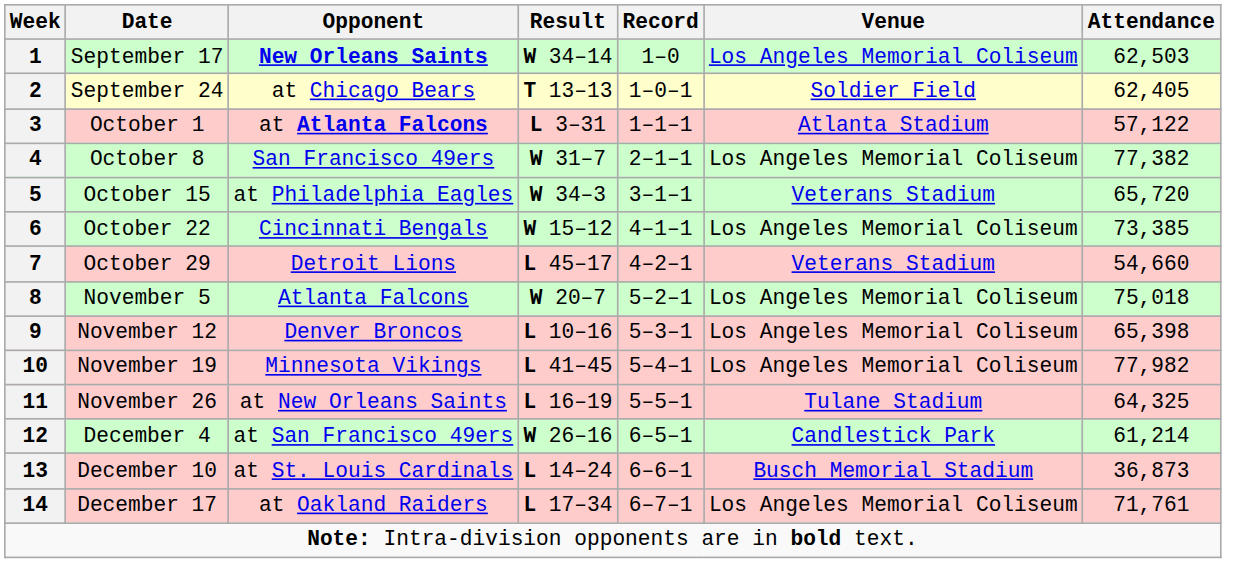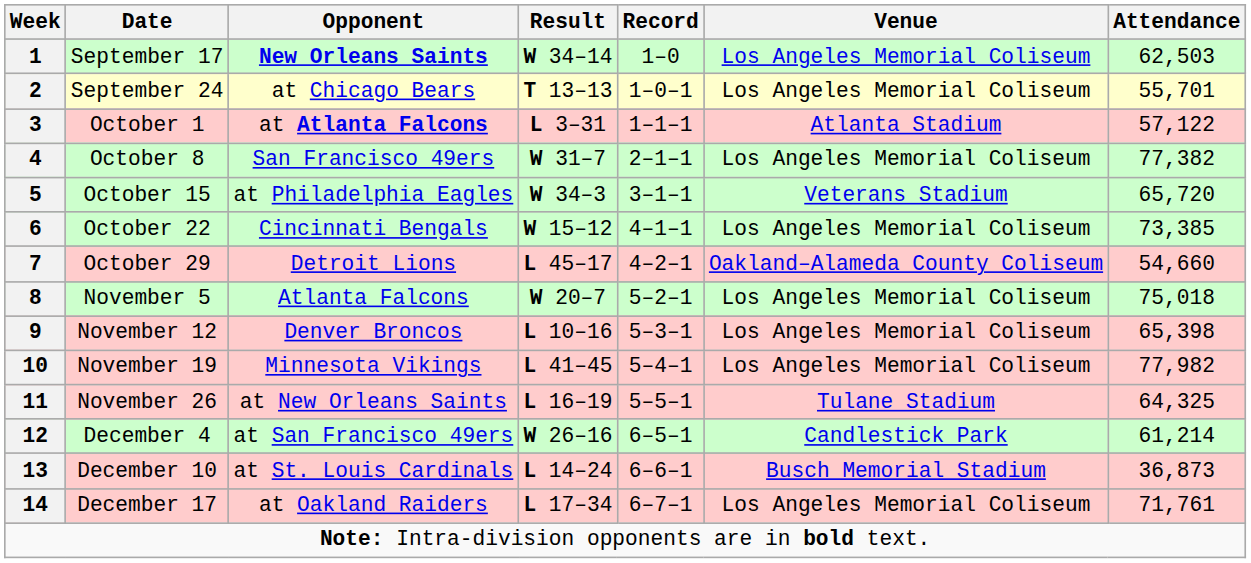 <table class="wikitable" style="text-align:center">
 <tr>
 <th>Week</th>
 <th>Date</th>
 <th>Opponent</th>
 <th>Result</th>
 <th>Record</th>
 <th>Venue</th>
 <th>Attendance</th>
 </tr>
 <tr style="background:#cfc">
 <th>1</th>
 <td>September 17</td>
 <td><strong><a href='#'>New Orleans Saints</a></strong></td>
 <td><strong>W</strong> 34–14</td>
 <td>1–0</td>
 <td><a href='#'>Los Angeles Memorial Coliseum</a></td>
 <td>62,503</td>
 </tr>
 <tr style="background:#ffc">
 <th>2</th>
 <td>September 24</td>
 <td>at <a href='#'>Chicago Bears</a></td>
 <td><strong>T</strong> 13–13</td>
 <td>1–0–1</td>
-<td><a href='#'>Soldier Field</a></td>
-<td>62,405</td>
+<td>Los Angeles Memorial Coliseum</td>
+<td>55,701</td>
 </tr>
 <tr style="background:#fcc">
 <th>3</th>
 <td>October 1</td>
 <td>at <strong><a href='#'>Atlanta Falcons</a></strong></td>
 <td><strong>L</strong> 3–31</td>
 <td>1–1–1</td>
 <td><a href='#'>Atlanta Stadium</a></td>
 <td>57,122</td>
 </tr>
 <tr style="background:#cfc">
 <th>4</th>
 <td>October 8</td>
 <td><a href='#'>San Francisco 49ers</a></td>
 <td><strong>W</strong> 31–7</td>
 <td>2–1–1</td>
 <td>Los Angeles Memorial Coliseum</td>
 <td>77,382</td>
 </tr>
 <tr style="background:#cfc">
 <th>5</th>
 <td>October 15</td>
 <td>at <a href='#'>Philadelphia Eagles</a></td>
 <td><strong>W</strong> 34–3</td>
 <td>3–1–1</td>
 <td><a href='#'>Veterans Stadium</a></td>
 <td>65,720</td>
 </tr>
 <tr style="background:#cfc">
 <th>6</th>
 <td>October 22</td>
 <td><a href='#'>Cincinnati Bengals</a></td>
 <td><strong>W</strong> 15–12</td>
 <td>4–1–1</td>
 <td>Los Angeles Memorial Coliseum</td>
 <td>73,385</td>
 </tr>
 <tr style="background:#fcc">
 <th>7</th>
 <td>October 29</td>
 <td><a href='#'>Detroit Lions</a></td>
 <td><strong>L</strong> 45–17</td>
 <td>4–2–1</td>
-<td><a href='#'>Veterans Stadium</a></td>
+<td><a href='#'>Oakland–Alameda County Coliseum</a></td>
 <td>54,660</td>
 </tr>
 <tr style="background:#cfc">
 <th>8</th>
 <td>November 5</td>
 <td><a href='#'>Atlanta Falcons</a></td>
 <td><strong>W</strong> 20–7</td>
 <td>5–2–1</td>
 <td>Los Angeles Memorial Coliseum</td>
 <td>75,018</td>
 </tr>
 <tr style="background:#fcc">
 <th>9</th>
 <td>November 12</td>
 <td><a href='#'>Denver Broncos</a></td>
 <td><strong>L</strong> 10–16</td>
 <td>5–3–1</td>
 <td>Los Angeles Memorial Coliseum</td>
 <td>65,398</td>
 </tr>
 <tr style="background:#fcc">
 <th>10</th>
 <td>November 19</td>
 <td><a href='#'>Minnesota Vikings</a></td>
 <td><strong>L</strong> 41–45</td>
 <td>5–4–1</td>
 <td>Los Angeles Memorial Coliseum</td>
 <td>77,982</td>
 </tr>
 <tr style="background:#fcc">
 <th>11</th>
 <td>November 26</td>
 <td>at <a href='#'>New Orleans Saints</a></td>
 <td><strong>L</strong> 16–19</td>
 <td>5–5–1</td>
 <td><a href='#'>Tulane Stadium</a></td>
 <td>64,325</td>
 </tr>
 <tr style="background:#cfc">
 <th>12</th>
 <td>December 4</td>
 <td>at <a href='#'>San Francisco 49ers</a></td>
 <td><strong>W</strong> 26–16</td>
 <td>6–5–1</td>
 <td><a href='#'>Candlestick Park</a></td>
 <td>61,214</td>
 </tr>
 <tr style="background:#fcc">
 <th>13</th>
 <td>December 10</td>
 <td>at <a href='#'>St. Louis Cardinals</a></td>
 <td><strong>L</strong> 14–24</td>
 <td>6–6–1</td>
 <td><a href='#'>Busch Memorial Stadium</a></td>
 <td>36,873</td>
 </tr>
 <tr style="background:#fcc">
 <th>14</th>
 <td>December 17</td>
 <td>at <a href='#'>Oakland Raiders</a></td>
 <td><strong>L</strong> 17–34</td>
 <td>6–7–1</td>
 <td>Los Angeles Memorial Coliseum</td>
 <td>71,761</td>
 </tr>
 <tr>
 <td colspan="8"><strong>Note:</strong> Intra-division opponents are in <strong>bold</strong> text.</td>
 </tr>
 </table>
